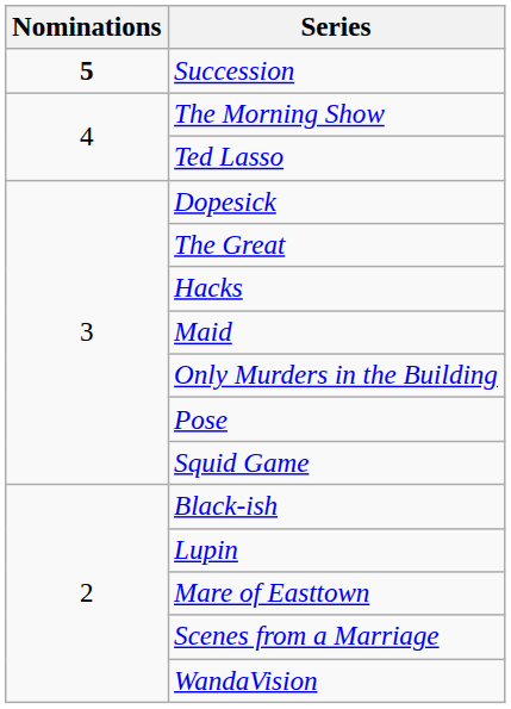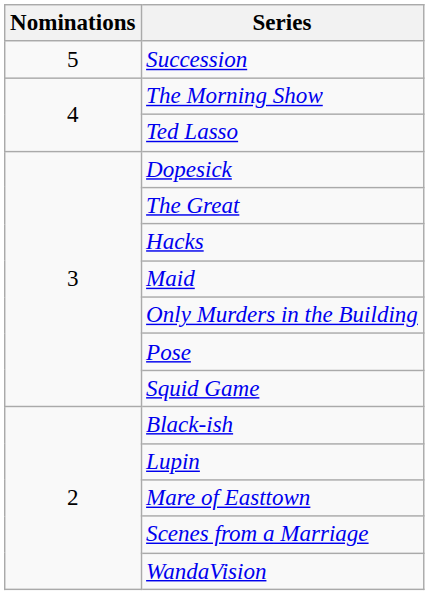 <table class="wikitable">
 <tr>
 <th scope="col" style="width:55px;">Nominations</th>
 <th scope="col" style="text-align:center;">Series</th>
 </tr>
 <tr>
-<td style="text-align:center"><strong>5</strong></td>
+<td style="text-align:center">5</td>
 <td><em><a href='#'>Succession</a></em></td>
 </tr>
 <tr>
 <td rowspan="2" style="text-align:center">4</td>
 <td><em><a href='#'>The Morning Show</a></em></td>
 </tr>
 <tr>
 <td><em><a href='#'>Ted Lasso</a></em></td>
 </tr>
 <tr>
 <td rowspan="7" style="text-align:center">3</td>
 <td><em><a href='#'>Dopesick</a></em></td>
 </tr>
 <tr>
 <td><em><a href='#'>The Great</a></em></td>
 </tr>
 <tr>
 <td><em><a href='#'>Hacks</a></em></td>
 </tr>
 <tr>
 <td><em><a href='#'>Maid</a></em></td>
 </tr>
 <tr>
 <td><em><a href='#'>Only Murders in the Building</a></em></td>
 </tr>
 <tr>
 <td><em><a href='#'>Pose</a></em></td>
 </tr>
 <tr>
 <td><em><a href='#'>Squid Game</a></em></td>
 </tr>
 <tr>
 <td rowspan="5" style="text-align:center">2</td>
 <td><em><a href='#'>Black-ish</a></em></td>
 </tr>
 <tr>
 <td><em><a href='#'>Lupin</a></em></td>
 </tr>
 <tr>
 <td><em><a href='#'>Mare of Easttown</a></em></td>
 </tr>
 <tr>
 <td><em><a href='#'>Scenes from a Marriage</a></em></td>
 </tr>
 <tr>
 <td><em><a href='#'>WandaVision</a></em></td>
 </tr>
 </table>
